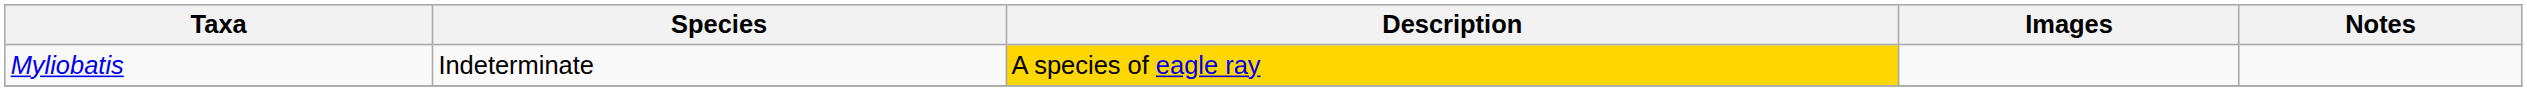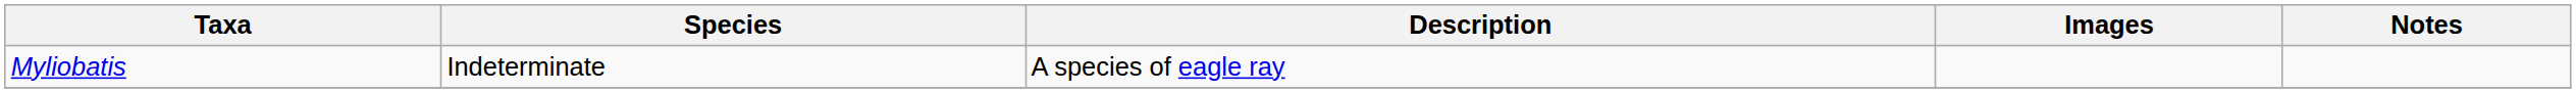 <table class="wikitable"  style="margin:auto; width:100%;">
 <tr>
 <th>Taxa</th>
 <th>Species</th>
 <th>Description</th>
 <th>Images</th>
 <th class=unsortable>Notes</th>
 </tr>
 <tr>
 <td><em><a href='#'>Myliobatis</a></em></td>
 <td>Indeterminate</td>
-<td style="background: gold;">A species of <a href='#'>eagle ray</a></td>
+<td>A species of <a href='#'>eagle ray</a></td>
 <td></td>
 <td></td>
 </tr>
 <tr>
 </tr>
 </table>
